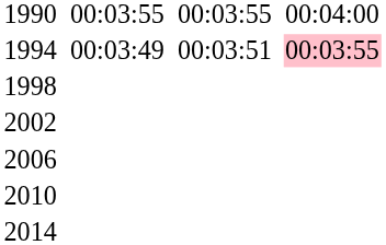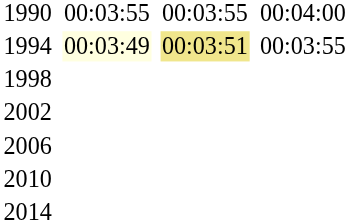 <table>
 <tr>
 <td>1990</td>
 <td></td>
 <td>00:03:55</td>
 <td></td>
 <td>00:03:55</td>
 <td></td>
 <td>00:04:00</td>
 </tr>
 <tr>
 <td>1994</td>
 <td></td>
-<td>00:03:49</td>
+<td style="background: lightyellow;">00:03:49</td>
 <td></td>
-<td>00:03:51</td>
+<td style="background: khaki;">00:03:51</td>
 <td></td>
-<td style="background: pink;">00:03:55</td>
+<td>00:03:55</td>
 </tr>
 <tr>
 <td>1998</td>
 <td></td>
 <td></td>
 <td></td>
 <td></td>
 <td></td>
 <td></td>
 </tr>
 <tr>
 <td>2002</td>
 <td></td>
 <td></td>
 <td></td>
 <td></td>
 <td></td>
 <td></td>
 </tr>
 <tr>
 <td>2006<br></td>
 <td></td>
 <td></td>
 <td></td>
 <td></td>
 <td></td>
 <td></td>
 </tr>
 <tr>
 <td>2010<br></td>
 <td></td>
 <td></td>
 <td></td>
 <td></td>
 <td></td>
 <td></td>
 </tr>
 <tr>
 <td>2014<br></td>
 <td></td>
 <td></td>
 <td></td>
 <td></td>
 <td></td>
 <td></td>
 </tr>
 </table>
